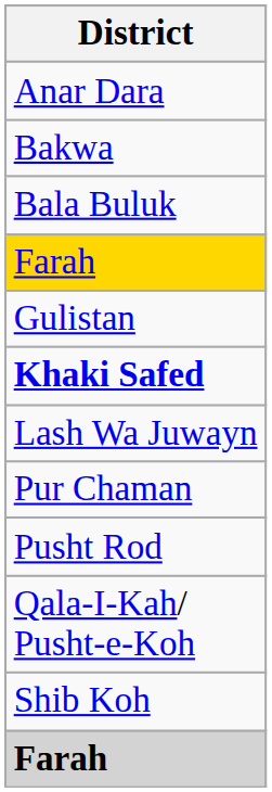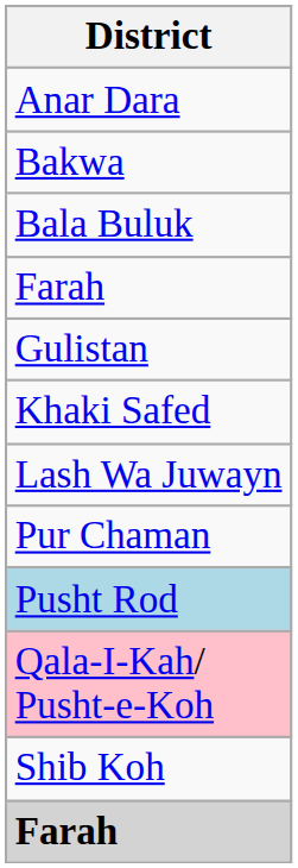 <table class="wikitable sortable" style="font-size:100%;">
 <tr>
 <th>District</th>
 </tr>
 <tr>
 <td><a href='#'>Anar Dara</a></td>
 </tr>
 <tr>
 <td><a href='#'>Bakwa</a></td>
 </tr>
 <tr>
 <td><a href='#'>Bala Buluk</a></td>
 </tr>
 <tr>
-<td style="background: gold;"><a href='#'>Farah</a></td>
+<td><a href='#'>Farah</a></td>
 </tr>
 <tr>
 <td><a href='#'>Gulistan</a></td>
 </tr>
 <tr>
-<td><strong><a href='#'>Khaki Safed</a></strong></td>
+<td><a href='#'>Khaki Safed</a></td>
 </tr>
 <tr>
 <td><a href='#'>Lash Wa Juwayn</a></td>
 </tr>
 <tr>
 <td><a href='#'>Pur Chaman</a></td>
 </tr>
 <tr>
-<td><a href='#'>Pusht Rod</a></td>
+<td style="background: lightblue;"><a href='#'>Pusht Rod</a></td>
 </tr>
 <tr>
-<td><a href='#'>Qala-I-Kah</a>/<br><a href='#'>Pusht-e-Koh</a></td>
+<td style="background: pink;"><a href='#'>Qala-I-Kah</a>/<br><a href='#'>Pusht-e-Koh</a></td>
 </tr>
 <tr>
 <td><a href='#'>Shib Koh</a></td>
 </tr>
 <tr bgcolor="#d3d3d3">
 <td><strong>Farah</strong></td>
 </tr>
 </table>
